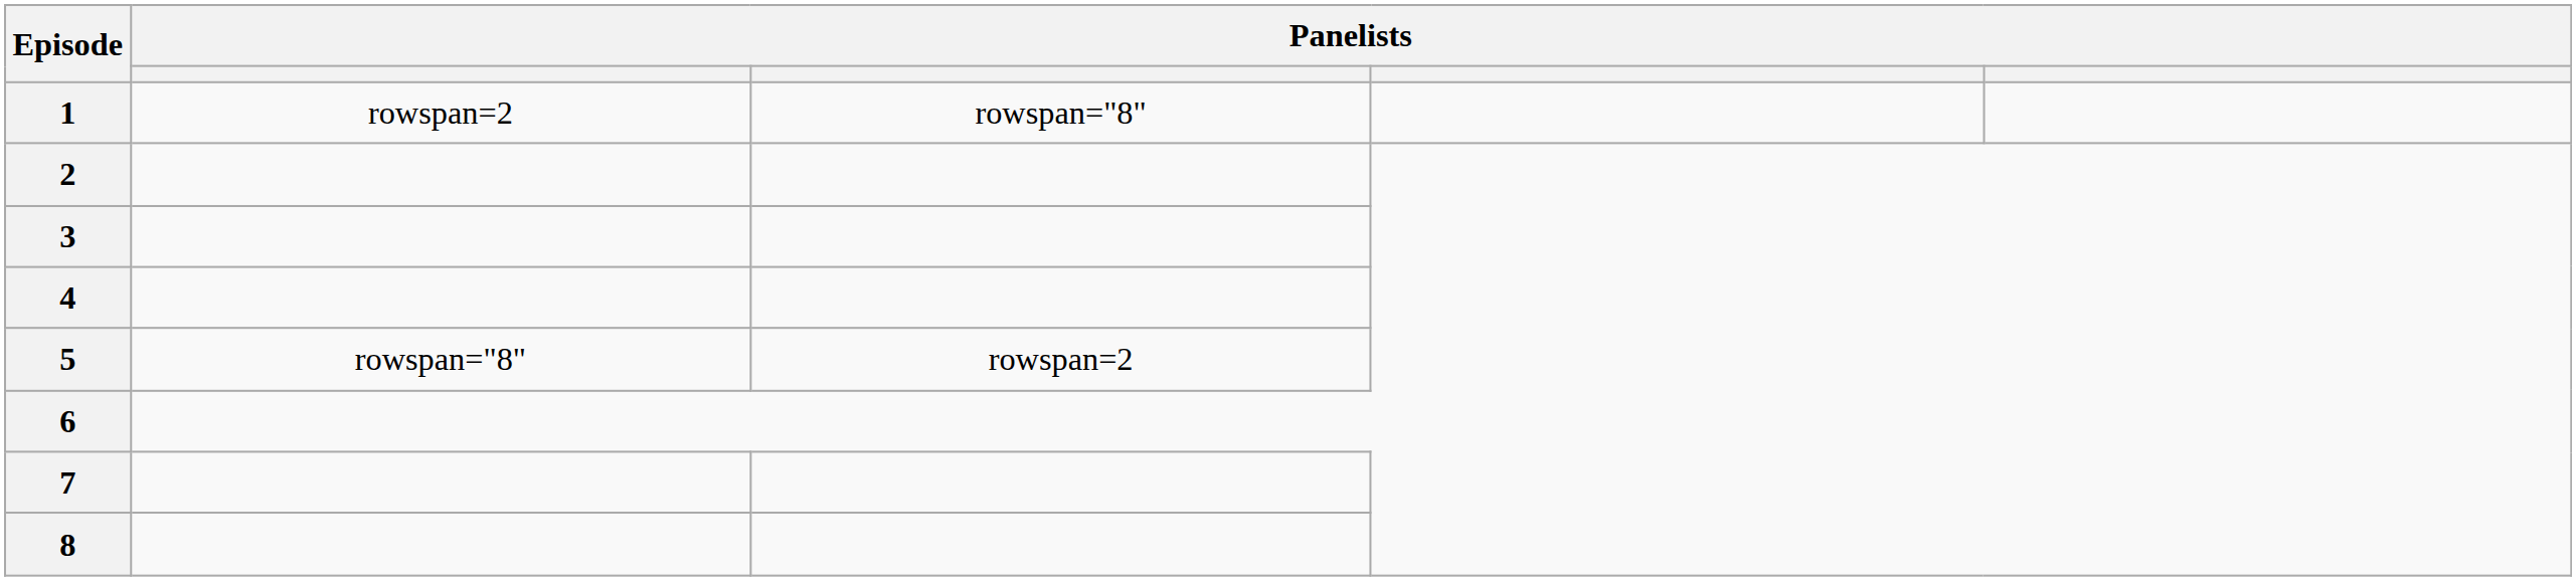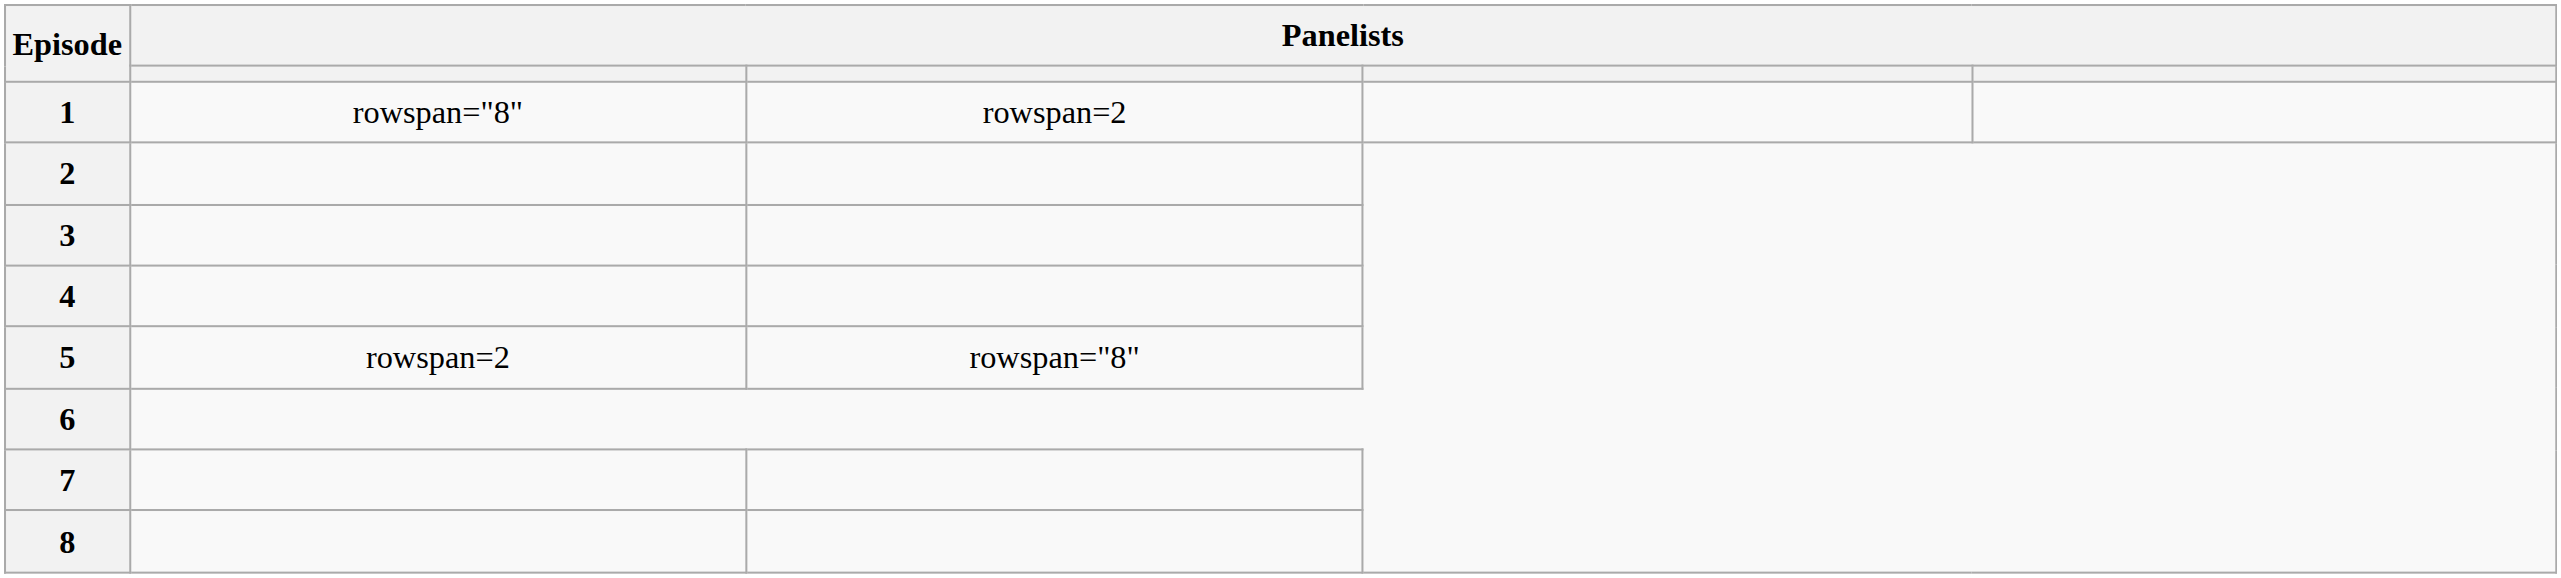 <table class="wikitable plainrowheaders mw-collapsible" style="text-align:center; line-height:23px; width:100%;">
 <tr>
 <th rowspan=2 width=1%>Episode</th>
 <th colspan=4>Panelists</th>
 </tr>
 <tr>
 <th width="25%"></th>
 <th width="25%"></th>
 <th width="25%"></th>
 <th width="25%"></th>
 </tr>
 <tr>
 <th>1</th>
+<td>rowspan="8" </td>
 <td>rowspan=2 </td>
-<td>rowspan="8" </td>
 <td></td>
 <td></td>
 </tr>
 <tr>
 <th>2</th>
 <td></td>
 <td></td>
 </tr>
 <tr>
 <th>3</th>
 <td></td>
 <td></td>
 </tr>
 <tr>
 <th>4</th>
 <td></td>
 <td></td>
 </tr>
 <tr>
 <th>5</th>
+<td>rowspan=2 </td>
 <td>rowspan="8" </td>
-<td>rowspan=2 </td>
 </tr>
 <tr>
 <th>6</th>
 </tr>
 <tr>
 <th>7</th>
 <td></td>
 <td></td>
 </tr>
 <tr>
 <th>8</th>
 <td></td>
 <td></td>
 </tr>
 </table>
